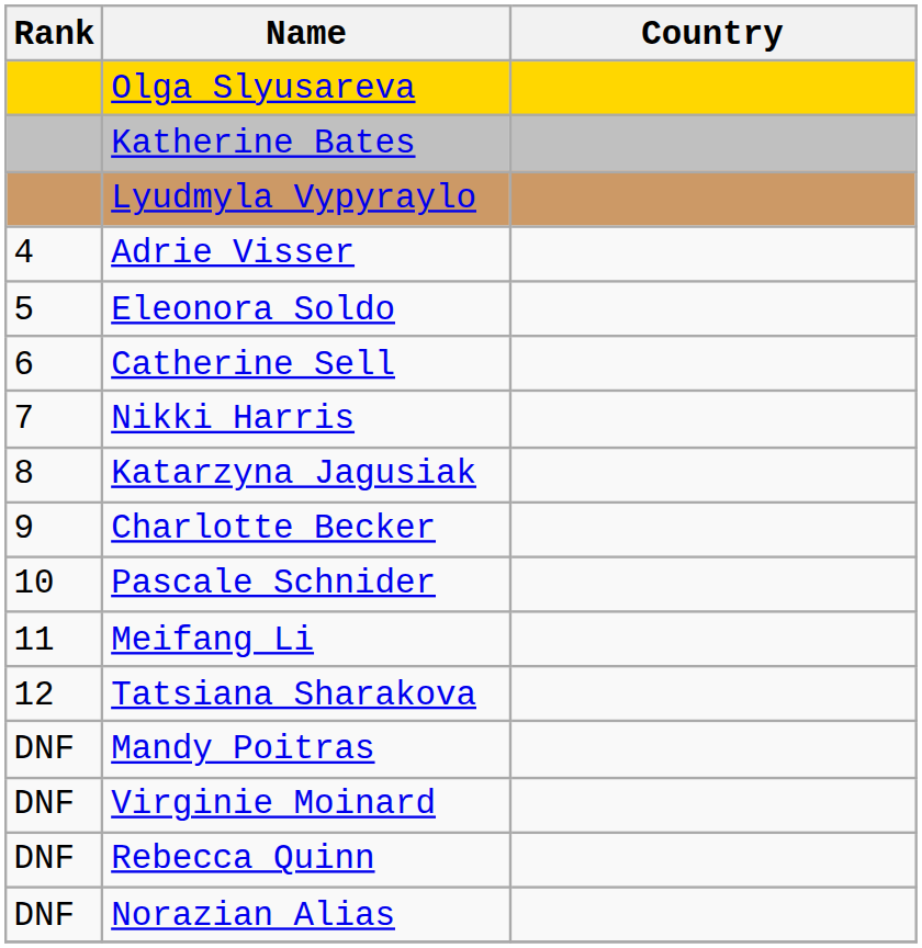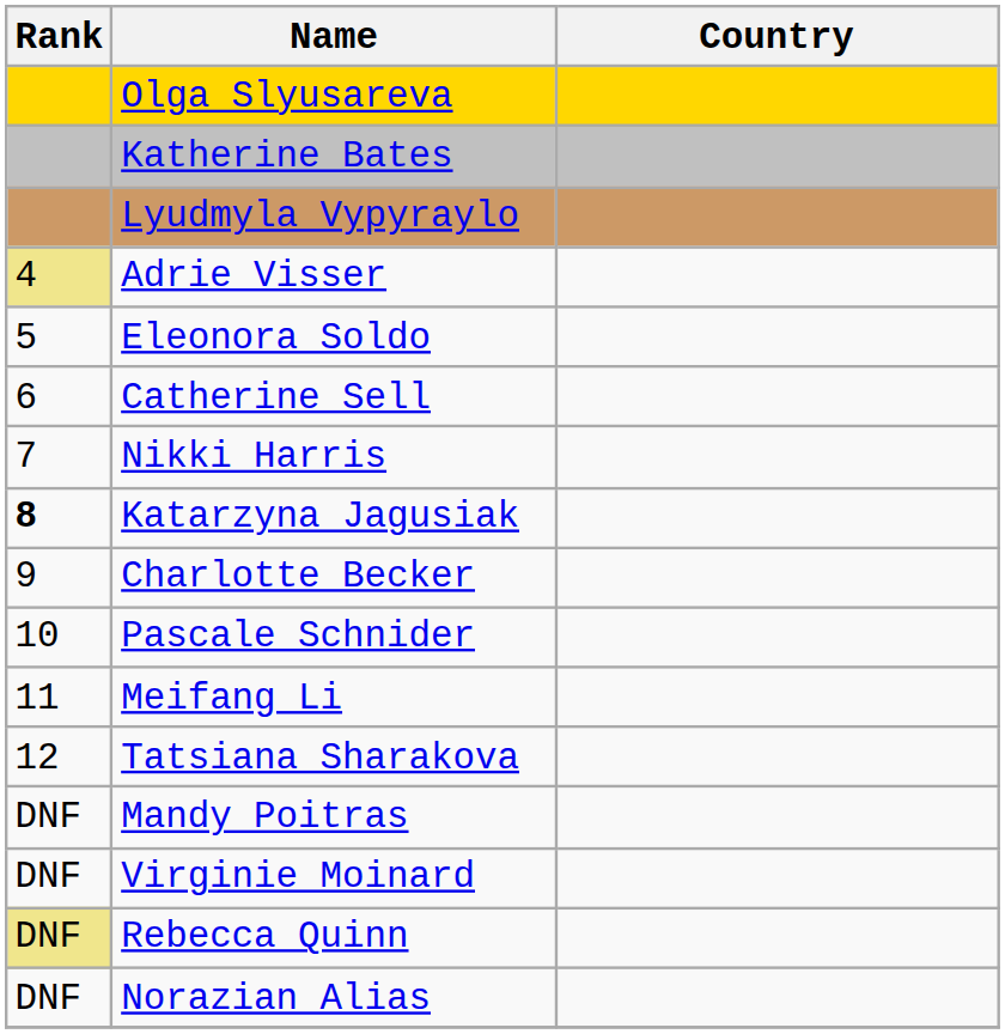 <table class="wikitable">
 <tr>
 <th width=20>Rank</th>
 <th width=150>Name</th>
 <th width=150>Country</th>
 </tr>
 <tr bgcolor=gold>
 <td></td>
 <td><a href='#'>Olga Slyusareva</a></td>
 <td></td>
 </tr>
 <tr bgcolor=silver>
 <td></td>
 <td><a href='#'>Katherine Bates</a></td>
 <td></td>
 </tr>
 <tr bgcolor=cc9966>
 <td></td>
 <td><a href='#'>Lyudmyla Vypyraylo</a></td>
 <td></td>
 </tr>
 <tr>
-<td>4</td>
+<td style="background: khaki;">4</td>
 <td><a href='#'>Adrie Visser</a></td>
 <td></td>
 </tr>
 <tr>
 <td>5</td>
 <td><a href='#'>Eleonora Soldo</a></td>
 <td></td>
 </tr>
 <tr>
 <td>6</td>
 <td><a href='#'>Catherine Sell</a></td>
 <td></td>
 </tr>
 <tr>
 <td>7</td>
 <td><a href='#'>Nikki Harris</a></td>
 <td></td>
 </tr>
 <tr>
-<td>8</td>
+<td><strong>8</strong></td>
 <td><a href='#'>Katarzyna Jagusiak</a></td>
 <td></td>
 </tr>
 <tr>
 <td>9</td>
 <td><a href='#'>Charlotte Becker</a></td>
 <td></td>
 </tr>
 <tr>
 <td>10</td>
 <td><a href='#'>Pascale Schnider</a></td>
 <td></td>
 </tr>
 <tr>
 <td>11</td>
 <td><a href='#'>Meifang Li</a></td>
 <td></td>
 </tr>
 <tr>
 <td>12</td>
 <td><a href='#'>Tatsiana Sharakova</a></td>
 <td></td>
 </tr>
 <tr>
 <td>DNF</td>
 <td><a href='#'>Mandy Poitras</a></td>
 <td></td>
 </tr>
 <tr>
 <td>DNF</td>
 <td><a href='#'>Virginie Moinard</a></td>
 <td></td>
 </tr>
 <tr>
-<td>DNF</td>
+<td style="background: khaki;">DNF</td>
 <td><a href='#'>Rebecca Quinn</a></td>
 <td></td>
 </tr>
 <tr>
 <td>DNF</td>
 <td><a href='#'>Norazian Alias</a></td>
 <td></td>
 </tr>
 <tr>
 </tr>
 </table>
